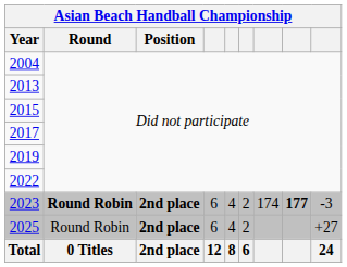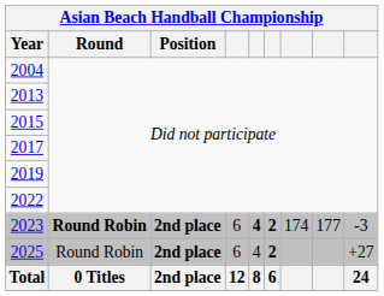 <table class="wikitable" style="text-align: center;">
 <tr>
 <th colspan=9><a href='#'>Asian Beach Handball Championship</a></th>
 </tr>
 <tr>
 <th>Year</th>
 <th>Round</th>
 <th>Position</th>
 <th></th>
 <th></th>
 <th></th>
 <th></th>
 <th></th>
 <th></th>
 </tr>
 <tr>
 <td> <a href='#'>2004</a></td>
 <td colspan=9 rowspan=6><em> Did not participate</em></td>
 </tr>
 <tr>
 <td> <a href='#'>2013</a></td>
 </tr>
 <tr>
 <td> <a href='#'>2015</a></td>
 </tr>
 <tr>
 <td> <a href='#'>2017</a></td>
 </tr>
 <tr>
 <td> <a href='#'>2019</a></td>
 </tr>
 <tr>
 <td> <a href='#'>2022</a></td>
 </tr>
 <tr style="background:silver;">
 <td> <a href='#'>2023</a></td>
 <td><strong>Round Robin</strong></td>
 <td><strong>2nd place</strong></td>
 <td>6</td>
-<td>4</td>
-<td>2</td>
+<td><strong>4</strong></td>
+<td><strong>2</strong></td>
 <td>174</td>
-<td><strong>177</strong></td>
+<td>177</td>
 <td>-3</td>
 </tr>
 <tr style="background:silver;">
 <td> <a href='#'>2025</a></td>
 <td>Round Robin</td>
 <td><strong>2nd place</strong></td>
 <td>6</td>
 <td>4</td>
-<td>2</td>
+<td><strong>2</strong></td>
 <td></td>
 <td></td>
 <td>+27</td>
 </tr>
 <tr>
 <th>Total</th>
 <th>0 Titles</th>
 <th><strong>2nd place</strong></th>
 <th>12</th>
 <th>8</th>
 <th>6</th>
 <th></th>
 <th></th>
 <th>24</th>
 </tr>
 </table>
